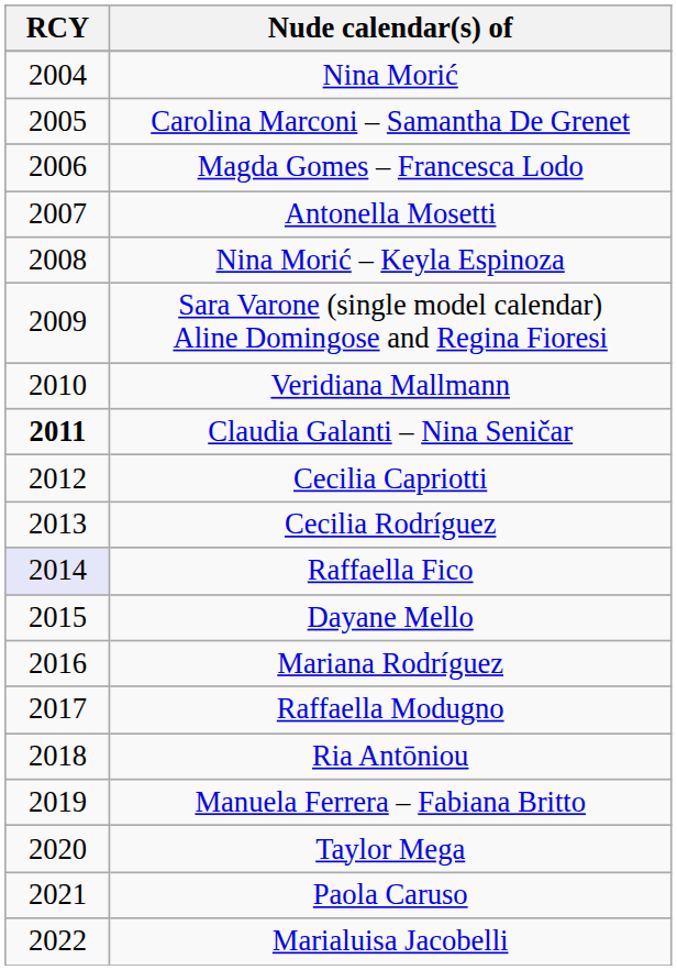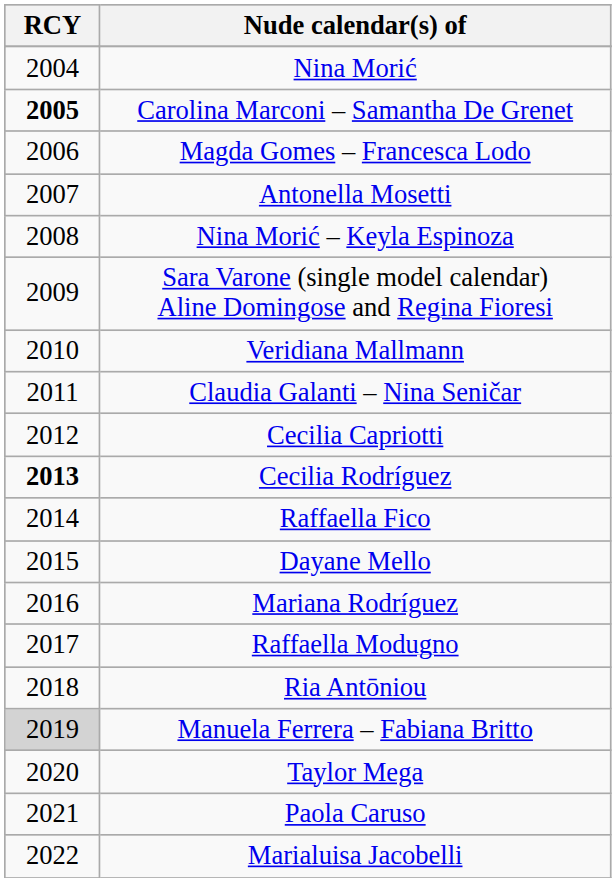 <table class="wikitable" style="width:500pix;text-align:center;">
 <tr>
 <th width=50pix>RCY</th>
 <th width=300pix>Nude calendar(s) of</th>
 </tr>
 <tr>
 </tr>
 <tr>
 <td>2004</td>
 <td><a href='#'>Nina Morić</a></td>
 </tr>
 <tr>
-<td>2005</td>
+<td><strong>2005</strong></td>
 <td><a href='#'>Carolina Marconi</a> – <a href='#'>Samantha De Grenet</a></td>
 </tr>
 <tr>
 <td>2006</td>
 <td><a href='#'>Magda Gomes</a> – <a href='#'>Francesca Lodo</a></td>
 </tr>
 <tr>
 <td>2007</td>
 <td><a href='#'>Antonella Mosetti</a></td>
 </tr>
 <tr>
 <td>2008</td>
 <td><a href='#'>Nina Morić</a> – <a href='#'>Keyla Espinoza</a></td>
 </tr>
 <tr>
 <td>2009</td>
 <td><a href='#'>Sara Varone</a> (single model calendar) <br> <a href='#'>Aline Domingose</a> and <a href='#'>Regina Fioresi</a></td>
 </tr>
 <tr>
 <td>2010</td>
 <td><a href='#'>Veridiana Mallmann</a></td>
 </tr>
 <tr>
-<td><strong>2011</strong></td>
+<td>2011</td>
 <td><a href='#'>Claudia Galanti</a> – <a href='#'>Nina Seničar</a></td>
 </tr>
 <tr>
 <td>2012</td>
 <td><a href='#'>Cecilia Capriotti</a></td>
 </tr>
 <tr>
-<td>2013</td>
+<td><strong>2013</strong></td>
 <td><a href='#'>Cecilia Rodríguez</a></td>
 </tr>
 <tr>
-<td style="background: lavender;">2014</td>
+<td>2014</td>
 <td><a href='#'>Raffaella Fico</a></td>
 </tr>
 <tr>
 <td>2015</td>
 <td><a href='#'>Dayane Mello</a></td>
 </tr>
 <tr>
 <td>2016</td>
 <td><a href='#'>Mariana Rodríguez</a></td>
 </tr>
 <tr>
 <td>2017</td>
 <td><a href='#'>Raffaella Modugno</a></td>
 </tr>
 <tr>
 <td>2018</td>
 <td><a href='#'>Ria Antōniou</a></td>
 </tr>
 <tr>
-<td>2019</td>
+<td style="background: lightgrey;">2019</td>
 <td><a href='#'>Manuela Ferrera</a>  – <a href='#'>Fabiana Britto</a></td>
 </tr>
 <tr>
 <td>2020</td>
 <td><a href='#'>Taylor Mega</a></td>
 </tr>
 <tr>
 <td>2021</td>
 <td><a href='#'>Paola Caruso</a></td>
 </tr>
 <tr>
 <td>2022</td>
 <td><a href='#'>Marialuisa Jacobelli</a></td>
 </tr>
 </table>
